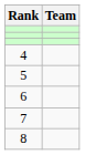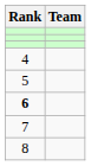 <table class="wikitable">
 <tr>
 <th>Rank</th>
 <th>Team</th>
 </tr>
 <tr bgcolor="#ccffcc">
 <td align=center></td>
 <td></td>
 </tr>
 <tr bgcolor="#ccffcc">
 <td align=center></td>
 <td></td>
 </tr>
 <tr bgcolor="#ccffcc">
 <td align=center></td>
 <td></td>
 </tr>
 <tr>
 <td align=center>4</td>
 <td></td>
 </tr>
 <tr>
 <td align=center>5</td>
 <td></td>
 </tr>
 <tr>
-<td align=center>6</td>
+<td align=center><strong>6</strong></td>
 <td></td>
 </tr>
 <tr>
 <td align=center>7</td>
 <td></td>
 </tr>
 <tr>
 <td align=center>8</td>
 <td></td>
 </tr>
 </table>
